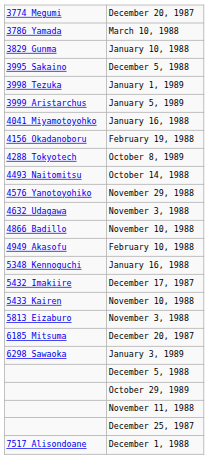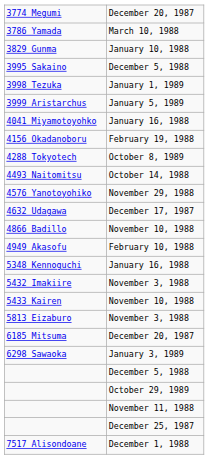 <table class="wikitable" style="font-size: 89%; float: left; width: 24em; margin-right: 1em; line-height: 1.6em !important; height: 625px;">
 <tr>
 <td><a href='#'>3774 Megumi</a></td>
 <td>December 20, 1987</td>
 </tr>
 <tr>
 <td><a href='#'>3786 Yamada</a></td>
 <td>March 10, 1988</td>
 </tr>
 <tr>
 <td><a href='#'>3829 Gunma</a></td>
 <td>January 10, 1988</td>
 </tr>
 <tr>
 <td><a href='#'>3995 Sakaino</a></td>
 <td>December 5, 1988</td>
 </tr>
 <tr>
 <td><a href='#'>3998 Tezuka</a></td>
 <td>January 1, 1989</td>
 </tr>
 <tr>
 <td><a href='#'>3999 Aristarchus</a></td>
 <td>January 5, 1989</td>
 </tr>
 <tr>
 <td><a href='#'>4041 Miyamotoyohko</a></td>
 <td>January 16, 1988</td>
 </tr>
 <tr>
 <td><a href='#'>4156 Okadanoboru</a></td>
 <td>February 19, 1988</td>
 </tr>
 <tr>
 <td><a href='#'>4288 Tokyotech</a></td>
 <td>October 8, 1989</td>
 </tr>
 <tr>
 <td><a href='#'>4493 Naitomitsu</a></td>
 <td>October 14, 1988</td>
 </tr>
 <tr>
 <td><a href='#'>4576 Yanotoyohiko</a></td>
 <td>November 29, 1988</td>
 </tr>
 <tr>
 <td><a href='#'>4632 Udagawa</a></td>
-<td>November 3, 1988</td>
+<td>December 17, 1987</td>
 </tr>
 <tr>
 <td><a href='#'>4866 Badillo</a></td>
 <td>November 10, 1988</td>
 </tr>
 <tr>
 <td><a href='#'>4949 Akasofu</a></td>
 <td>February 10, 1988</td>
 </tr>
 <tr>
 <td><a href='#'>5348 Kennoguchi</a></td>
 <td>January 16, 1988</td>
 </tr>
 <tr>
 <td><a href='#'>5432 Imakiire</a></td>
-<td>December 17, 1987</td>
+<td>November 3, 1988</td>
 </tr>
 <tr>
 <td><a href='#'>5433 Kairen</a></td>
 <td>November 10, 1988</td>
 </tr>
 <tr>
 <td><a href='#'>5813 Eizaburo</a></td>
 <td>November 3, 1988</td>
 </tr>
 <tr>
 <td><a href='#'>6185 Mitsuma</a></td>
 <td>December 20, 1987</td>
 </tr>
 <tr>
 <td><a href='#'>6298 Sawaoka</a></td>
 <td>January 3, 1989</td>
 </tr>
 <tr>
 <td></td>
 <td>December 5, 1988</td>
 </tr>
 <tr>
 <td></td>
 <td>October 29, 1989</td>
 </tr>
 <tr>
 <td></td>
 <td>November 11, 1988</td>
 </tr>
 <tr>
 <td></td>
 <td>December 25, 1987</td>
 </tr>
 <tr>
 <td><a href='#'>7517 Alisondoane</a></td>
 <td>December 1, 1988</td>
 </tr>
 </table>
